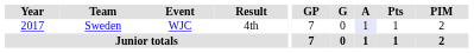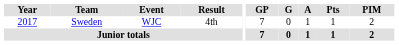 <table border="0" cellpadding="1" cellspacing="0" ID="Table3" style="text-align:center; width:40em">
 <tr ALIGN="center" bgcolor="#e0e0e0">
 <th>Year</th>
 <th>Team</th>
 <th>Event</th>
 <th>Result</th>
 <th rowspan="99" bgcolor="#ffffff"></th>
 <th>GP</th>
 <th>G</th>
 <th>A</th>
 <th>Pts</th>
 <th>PIM</th>
 </tr>
 <tr>
 <td><a href='#'>2017</a></td>
 <td><a href='#'>Sweden</a></td>
 <td><a href='#'>WJC</a></td>
 <td>4th</td>
 <td>7</td>
 <td>0</td>
-<td style="background: lavender;">1</td>
+<td>1</td>
 <td>1</td>
 <td>2</td>
 </tr>
 <tr bgcolor="#e0e0e0">
 <th colspan="4">Junior totals</th>
 <th>7</th>
 <th>0</th>
 <th>1</th>
 <th>1</th>
 <th>2</th>
 </tr>
 </table>
